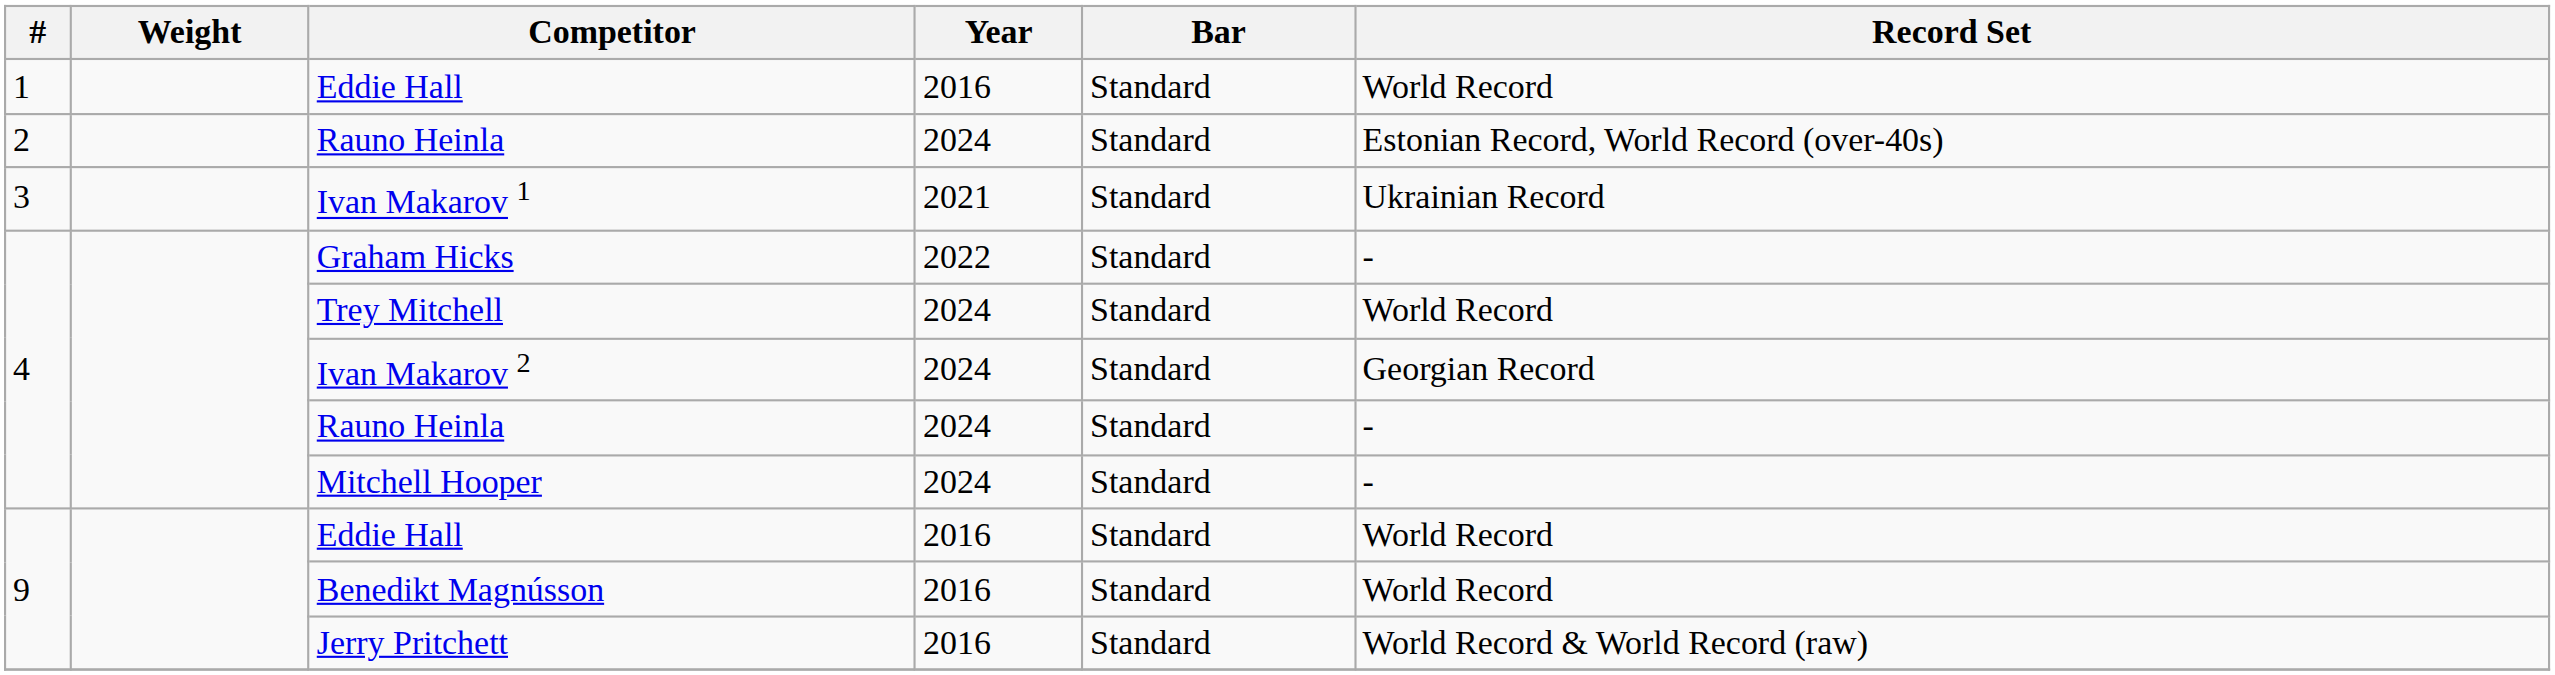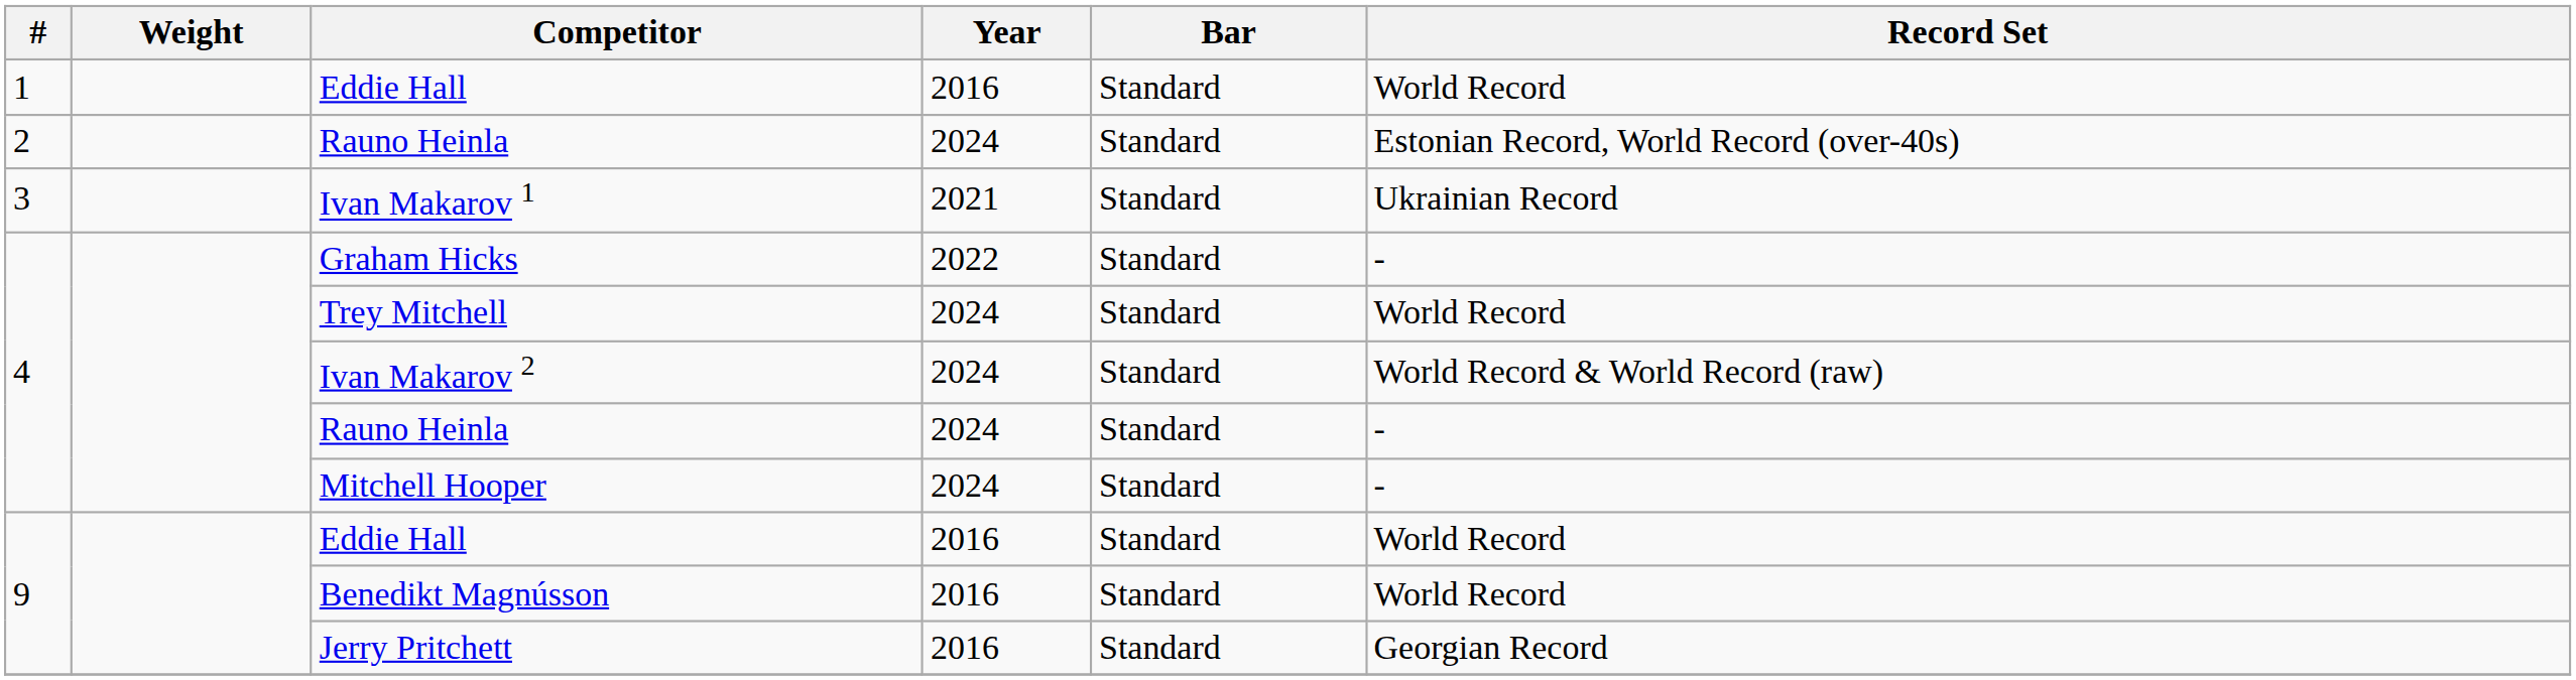 <table class="wikitable sortable" style="display: inline-table;width: 95%;">
 <tr>
 <th>#</th>
 <th>Weight</th>
 <th>Competitor</th>
 <th>Year</th>
 <th>Bar</th>
 <th>Record Set</th>
 </tr>
 <tr>
 <td>1</td>
 <td></td>
 <td> <a href='#'>Eddie Hall</a></td>
 <td>2016</td>
 <td>Standard</td>
 <td>World Record</td>
 </tr>
 <tr>
 <td>2</td>
 <td></td>
 <td> <a href='#'>Rauno Heinla</a></td>
 <td>2024</td>
 <td>Standard</td>
 <td>Estonian Record, World Record (over-40s)</td>
 </tr>
 <tr>
 <td>3</td>
 <td></td>
 <td> <a href='#'>Ivan Makarov</a> <sup> 1 </sup></td>
 <td>2021</td>
 <td>Standard</td>
 <td>Ukrainian Record</td>
 </tr>
 <tr>
 <td rowspan="5">4</td>
 <td rowspan="5"></td>
 <td> <a href='#'>Graham Hicks</a></td>
 <td>2022</td>
 <td>Standard</td>
 <td>-</td>
 </tr>
 <tr>
 <td> <a href='#'>Trey Mitchell</a></td>
 <td>2024</td>
 <td>Standard</td>
 <td>World Record</td>
 </tr>
 <tr>
 <td> <a href='#'>Ivan Makarov</a> <sup> 2 </sup></td>
 <td>2024</td>
 <td>Standard</td>
-<td>Georgian Record</td>
+<td>World Record & World Record (raw)</td>
 </tr>
 <tr>
 <td> <a href='#'>Rauno Heinla</a></td>
 <td>2024</td>
 <td>Standard</td>
 <td>-</td>
 </tr>
 <tr>
 <td> <a href='#'>Mitchell Hooper</a></td>
 <td>2024</td>
 <td>Standard</td>
 <td>-</td>
 </tr>
 <tr>
 <td rowspan="3">9</td>
 <td rowspan="3"></td>
 <td> <a href='#'>Eddie Hall</a></td>
 <td>2016</td>
 <td>Standard</td>
 <td>World Record</td>
 </tr>
 <tr>
 <td> <a href='#'>Benedikt Magnússon</a></td>
 <td>2016</td>
 <td>Standard</td>
 <td>World Record</td>
 </tr>
 <tr>
 <td> <a href='#'>Jerry Pritchett</a></td>
 <td>2016</td>
 <td>Standard</td>
-<td>World Record & World Record (raw)</td>
+<td>Georgian Record</td>
 </tr>
 <tr>
 </tr>
 </table>
